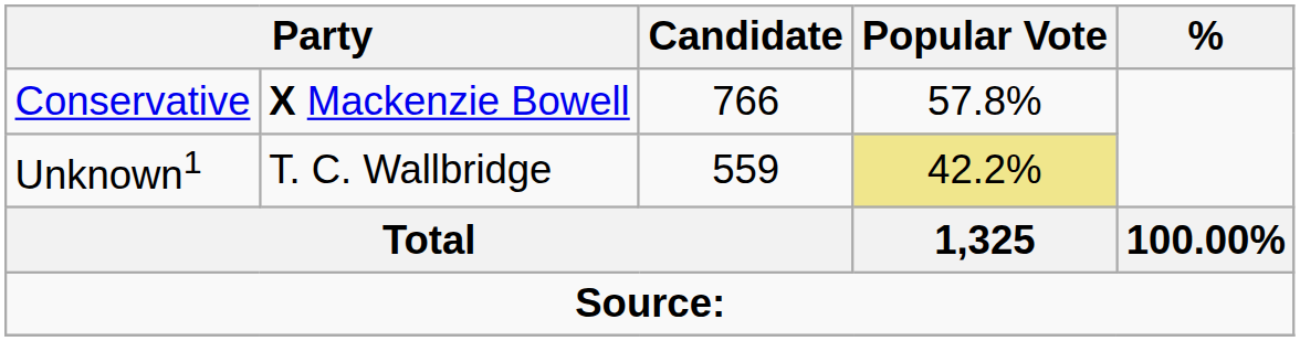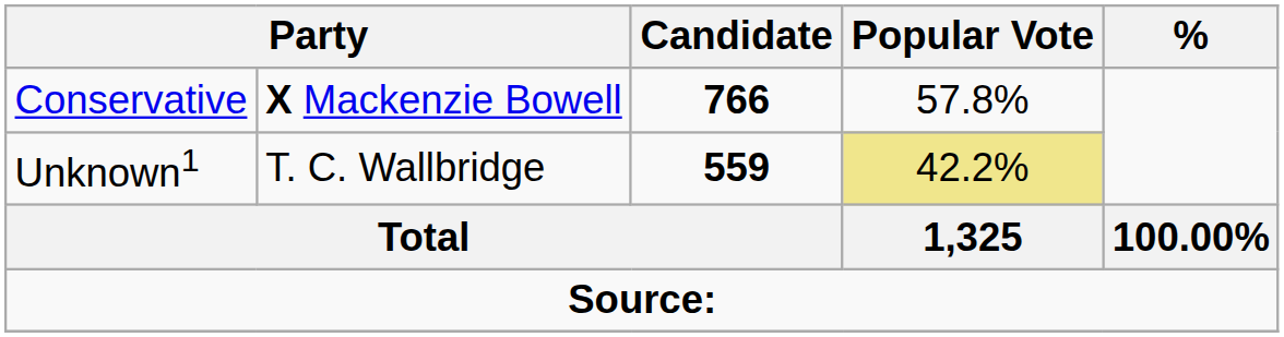 <table class="wikitable">
 <tr>
 <th colspan="2">Party</th>
 <th>Candidate</th>
 <th>Popular Vote</th>
 <th>%</th>
 </tr>
 <tr>
 <td><a href='#'>Conservative</a></td>
 <td> <strong>X</strong> <a href='#'>Mackenzie Bowell</a></td>
-<td align=center>766</td>
+<td align=center><strong>766</strong></td>
 <td align=center>57.8%</td>
 </tr>
 <tr>
 <td>Unknown<sup>1</sup></td>
 <td>T. C. Wallbridge</td>
-<td align=center>559</td>
+<td align=center><strong>559</strong></td>
 <td align=center style="background: khaki;">42.2%</td>
 </tr>
 <tr>
 <th colspan=3 align=center>Total</th>
 <th align=right>1,325</th>
 <th align=right>100.00%</th>
 </tr>
 <tr>
 <td align="center" colspan=5><strong>Source:</strong> </td>
 </tr>
 <tr>
 </tr>
 </table>
